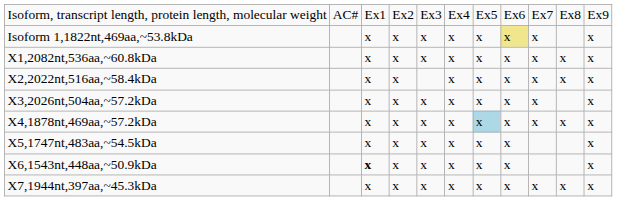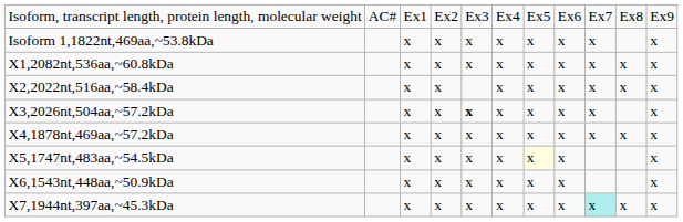 <table class="wikitable">
 <tr>
 <td>Isoform, transcript length, protein length, molecular weight</td>
 <td>AC#</td>
 <td>Ex1</td>
 <td>Ex2</td>
 <td>Ex3</td>
 <td>Ex4</td>
 <td>Ex5</td>
 <td>Ex6</td>
 <td>Ex7</td>
 <td>Ex8</td>
 <td>Ex9</td>
 </tr>
 <tr>
 <td>Isoform 1,1822nt,469aa,~53.8kDa</td>
 <td></td>
 <td>x</td>
 <td>x</td>
 <td>x</td>
 <td>x</td>
 <td>x</td>
-<td style="background: khaki;">x</td>
+<td>x</td>
 <td>x</td>
 <td></td>
 <td>x</td>
 </tr>
 <tr>
 <td>X1,2082nt,536aa,~60.8kDa</td>
 <td></td>
 <td>x</td>
 <td>x</td>
 <td>x</td>
 <td>x</td>
 <td>x</td>
 <td>x</td>
 <td>x</td>
 <td>x</td>
 <td>x</td>
 </tr>
 <tr>
 <td>X2,2022nt,516aa,~58.4kDa</td>
 <td></td>
 <td>x</td>
 <td>x</td>
 <td></td>
 <td>x</td>
 <td>x</td>
 <td>x</td>
 <td>x</td>
 <td>x</td>
 <td>x</td>
 </tr>
 <tr>
 <td>X3,2026nt,504aa,~57.2kDa</td>
 <td></td>
 <td>x</td>
 <td>x</td>
-<td>x</td>
+<td><strong>x</strong></td>
 <td>x</td>
 <td>x</td>
 <td>x</td>
 <td>x</td>
 <td></td>
 <td>x</td>
 </tr>
 <tr>
 <td>X4,1878nt,469aa,~57.2kDa</td>
 <td></td>
 <td>x</td>
 <td>x</td>
 <td>x</td>
 <td>x</td>
-<td style="background: lightblue;">x</td>
+<td>x</td>
 <td>x</td>
 <td>x</td>
 <td>x</td>
 <td>x</td>
 </tr>
 <tr>
 <td>X5,1747nt,483aa,~54.5kDa</td>
 <td></td>
 <td>x</td>
 <td>x</td>
 <td>x</td>
 <td>x</td>
-<td>x</td>
+<td style="background: lightyellow;">x</td>
 <td>x</td>
 <td></td>
 <td></td>
 <td>x</td>
 </tr>
 <tr>
 <td>X6,1543nt,448aa,~50.9kDa</td>
 <td></td>
-<td><strong>x</strong></td>
+<td>x</td>
 <td>x</td>
 <td>x</td>
 <td>x</td>
 <td>x</td>
 <td>x</td>
 <td></td>
 <td></td>
 <td>x</td>
 </tr>
 <tr>
 <td>X7,1944nt,397aa,~45.3kDa</td>
 <td></td>
 <td>x</td>
 <td>x</td>
 <td>x</td>
 <td>x</td>
 <td>x</td>
 <td>x</td>
-<td>x</td>
+<td style="background: paleturquoise;">x</td>
 <td>x</td>
 <td>x</td>
 </tr>
 </table>
